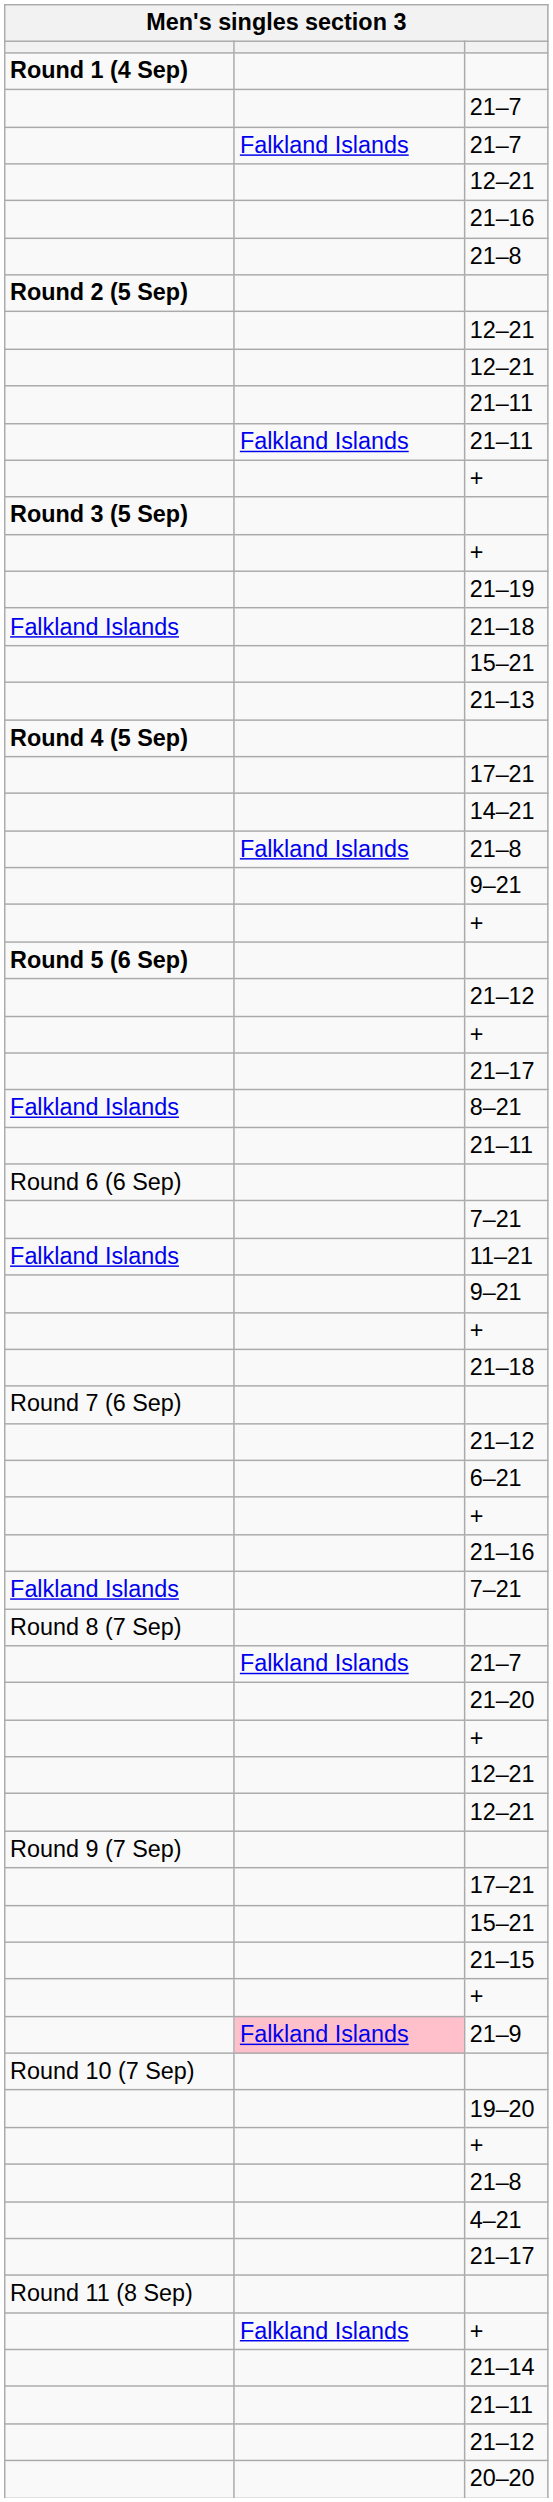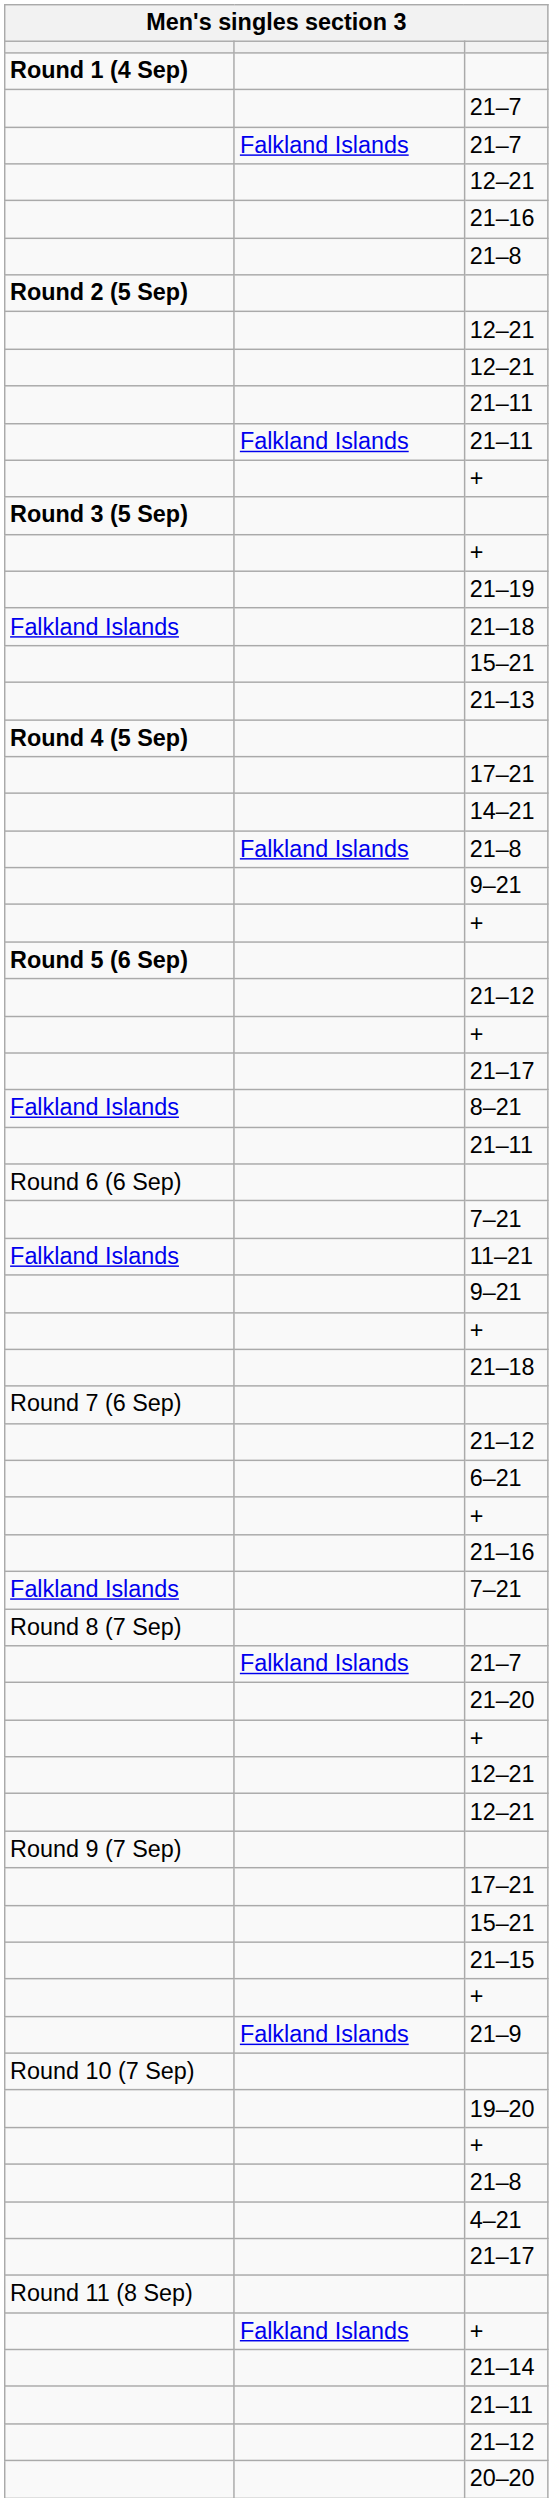 <table class="wikitable">
 <tr>
 <th colspan="3">Men's singles section 3</th>
 </tr>
 <tr>
 <th width=150></th>
 <th width=150></th>
 <th width=50></th>
 </tr>
 <tr>
 <td><strong>Round 1 (4 Sep)</strong></td>
 <td></td>
 <td></td>
 </tr>
 <tr>
 <td></td>
 <td></td>
 <td>21–7</td>
 </tr>
 <tr>
 <td></td>
 <td> <a href='#'>Falkland Islands</a></td>
 <td>21–7</td>
 </tr>
 <tr>
 <td></td>
 <td></td>
 <td>12–21</td>
 </tr>
 <tr>
 <td></td>
 <td></td>
 <td>21–16</td>
 </tr>
 <tr>
 <td></td>
 <td></td>
 <td>21–8</td>
 </tr>
 <tr>
 <td><strong>Round 2 (5 Sep)</strong></td>
 <td></td>
 <td></td>
 </tr>
 <tr>
 <td></td>
 <td></td>
 <td>12–21</td>
 </tr>
 <tr>
 <td></td>
 <td></td>
 <td>12–21</td>
 </tr>
 <tr>
 <td></td>
 <td></td>
 <td>21–11</td>
 </tr>
 <tr>
 <td></td>
 <td> <a href='#'>Falkland Islands</a></td>
 <td>21–11</td>
 </tr>
 <tr>
 <td></td>
 <td></td>
 <td>+</td>
 </tr>
 <tr>
 <td><strong>Round 3 (5 Sep)</strong></td>
 <td></td>
 <td></td>
 </tr>
 <tr>
 <td></td>
 <td></td>
 <td>+</td>
 </tr>
 <tr>
 <td></td>
 <td></td>
 <td>21–19</td>
 </tr>
 <tr>
 <td> <a href='#'>Falkland Islands</a></td>
 <td></td>
 <td>21–18</td>
 </tr>
 <tr>
 <td></td>
 <td></td>
 <td>15–21</td>
 </tr>
 <tr>
 <td></td>
 <td></td>
 <td>21–13</td>
 </tr>
 <tr>
 <td><strong>Round 4 (5 Sep)</strong></td>
 <td></td>
 <td></td>
 </tr>
 <tr>
 <td></td>
 <td></td>
 <td>17–21</td>
 </tr>
 <tr>
 <td></td>
 <td></td>
 <td>14–21</td>
 </tr>
 <tr>
 <td></td>
 <td> <a href='#'>Falkland Islands</a></td>
 <td>21–8</td>
 </tr>
 <tr>
 <td></td>
 <td></td>
 <td>9–21</td>
 </tr>
 <tr>
 <td></td>
 <td></td>
 <td>+</td>
 </tr>
 <tr>
 <td><strong>Round 5 (6 Sep)<em></td>
 <td></td>
 <td></td>
 </tr>
 <tr>
 <td></td>
 <td></td>
 <td>21–12</td>
 </tr>
 <tr>
 <td></td>
 <td></td>
 <td>+</td>
 </tr>
 <tr>
 <td></td>
 <td></td>
 <td>21–17</td>
 </tr>
 <tr>
 <td> <a href='#'>Falkland Islands</a></td>
 <td></td>
 <td>8–21</td>
 </tr>
 <tr>
 <td></td>
 <td></td>
 <td>21–11</td>
 </tr>
 <tr>
 <td></strong>Round 6  (6 Sep)<strong></td>
 <td></td>
 <td></td>
 </tr>
 <tr>
 <td></td>
 <td></td>
 <td>7–21</td>
 </tr>
 <tr>
 <td> <a href='#'>Falkland Islands</a></td>
 <td></td>
 <td>11–21</td>
 </tr>
 <tr>
 <td></td>
 <td></td>
 <td>9–21</td>
 </tr>
 <tr>
 <td></td>
 <td></td>
 <td>+</td>
 </tr>
 <tr>
 <td></td>
 <td></td>
 <td>21–18</td>
 </tr>
 <tr>
 <td></strong>Round 7 (6 Sep)<strong></td>
 <td></td>
 <td></td>
 </tr>
 <tr>
 <td></td>
 <td></td>
 <td>21–12</td>
 </tr>
 <tr>
 <td></td>
 <td></td>
 <td>6–21</td>
 </tr>
 <tr>
 <td></td>
 <td></td>
 <td>+</td>
 </tr>
 <tr>
 <td></td>
 <td></td>
 <td>21–16</td>
 </tr>
 <tr>
 <td> <a href='#'>Falkland Islands</a></td>
 <td></td>
 <td>7–21</td>
 </tr>
 <tr>
 <td></strong>Round 8 (7 Sep)<strong></td>
 <td></td>
 <td></td>
 </tr>
 <tr>
 <td></td>
 <td> <a href='#'>Falkland Islands</a></td>
 <td>21–7</td>
 </tr>
 <tr>
 <td></td>
 <td></td>
 <td>21–20</td>
 </tr>
 <tr>
 <td></td>
 <td></td>
 <td>+</td>
 </tr>
 <tr>
 <td></td>
 <td></td>
 <td>12–21</td>
 </tr>
 <tr>
 <td></td>
 <td></td>
 <td>12–21</td>
 </tr>
 <tr>
 <td></strong>Round 9 (7 Sep)<strong></td>
 <td></td>
 <td></td>
 </tr>
 <tr>
 <td></td>
 <td></td>
 <td>17–21</td>
 </tr>
 <tr>
 <td></td>
 <td></td>
 <td>15–21</td>
 </tr>
 <tr>
 <td></td>
 <td></td>
 <td>21–15</td>
 </tr>
 <tr>
 <td></td>
 <td></td>
 <td>+</td>
 </tr>
 <tr>
 <td></td>
-<td style="background: pink;"> <a href='#'>Falkland Islands</a></td>
+<td> <a href='#'>Falkland Islands</a></td>
 <td>21–9</td>
 </tr>
 <tr>
 <td></strong>Round 10 (7 Sep)<strong></td>
 <td></td>
 <td></td>
 </tr>
 <tr>
 <td></td>
 <td></td>
 <td>19–20</td>
 </tr>
 <tr>
 <td></td>
 <td></td>
 <td>+</td>
 </tr>
 <tr>
 <td></td>
 <td></td>
 <td>21–8</td>
 </tr>
 <tr>
 <td></td>
 <td></td>
 <td>4–21</td>
 </tr>
 <tr>
 <td></td>
 <td></td>
 <td>21–17</td>
 </tr>
 <tr>
 <td></strong>Round 11 (8 Sep)<strong></td>
 <td></td>
 <td></td>
 </tr>
 <tr>
 <td></td>
 <td> <a href='#'>Falkland Islands</a></td>
 <td>+</td>
 </tr>
 <tr>
 <td></td>
 <td></td>
 <td>21–14</td>
 </tr>
 <tr>
 <td></td>
 <td></td>
 <td>21–11</td>
 </tr>
 <tr>
 <td></td>
 <td></td>
 <td>21–12</td>
 </tr>
 <tr>
 <td></td>
 <td></td>
 <td>20–20</td>
 </tr>
 </table>
